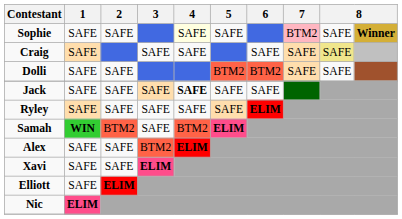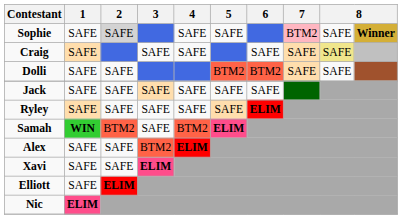 <table class="wikitable" border="2" style="text-align:center;font-size:96%">
 <tr>
 <th>Contestant</th>
 <th>1</th>
 <th>2</th>
 <th>3</th>
 <th>4</th>
 <th>5</th>
 <th>6</th>
 <th>7</th>
 <th colspan="2">8</th>
 </tr>
 <tr>
 <td><strong>Sophie</strong></td>
 <td>SAFE</td>
+<td style="background: lightgrey;">SAFE</td>
+<td style="background:royalblue;"><strong></strong></td>
 <td>SAFE</td>
-<td style="background:royalblue;"><strong></strong></td>
-<td style="background: lightyellow;">SAFE</td>
 <td>SAFE</td>
 <td style="background:royalblue;"><strong></strong></td>
 <td style="background:lightpink;">BTM2</td>
 <td>SAFE</td>
 <td style="background:#D4AF37;"><strong>Winner</strong></td>
 </tr>
 <tr>
 <td><strong>Craig</strong></td>
 <td style="background:navajowhite;">SAFE</td>
 <td style="background:royalblue;"><strong></strong></td>
 <td>SAFE</td>
 <td>SAFE</td>
 <td style="background:royalblue;"><strong></strong></td>
 <td>SAFE</td>
 <td style="background:navajowhite;">SAFE</td>
 <td style="background: khaki;">SAFE</td>
 <td style="background:silver;"><strong></strong></td>
 </tr>
 <tr>
 <td><strong>Dolli</strong></td>
 <td>SAFE</td>
 <td>SAFE</td>
 <td style="background:royalblue;"><strong></strong></td>
 <td style="background:royalblue;"><strong></strong></td>
 <td style="background:tomato;">BTM2</td>
 <td style="background:tomato;">BTM2</td>
 <td style="background:navajowhite;">SAFE</td>
 <td>SAFE</td>
 <td style="background:sienna;"></td>
 </tr>
 <tr>
 </tr>
 <tr>
 <td><strong>Jack</strong></td>
 <td>SAFE</td>
 <td>SAFE</td>
 <td style="background:navajowhite;">SAFE</td>
-<td><strong>SAFE</strong></td>
+<td>SAFE</td>
 <td>SAFE</td>
 <td>SAFE</td>
 <td style="background:darkgreen;"><strong></strong></td>
 <td bgcolor="darkgray" colspan="2"></td>
 </tr>
 <tr>
 <td><strong>Ryley</strong></td>
 <td style="background:navajowhite;">SAFE</td>
 <td>SAFE</td>
 <td>SAFE</td>
 <td>SAFE</td>
 <td style="background:navajowhite;">SAFE</td>
 <td style="background:red;"><strong>ELIM</strong></td>
 <td colspan="3"  style="background:darkgray;"></td>
 </tr>
 <tr>
 <td><strong>Samah</strong></td>
 <td style="background:limegreen;"><strong>WIN</strong></td>
 <td style="background:tomato;">BTM2</td>
 <td>SAFE</td>
 <td style="background:tomato;">BTM2</td>
 <td style="background: #ff4d8b;"><strong>ELIM</strong></td>
 <td colspan="5"  style="background:darkgray;"></td>
 </tr>
 <tr>
 <td><strong>Alex</strong></td>
 <td>SAFE</td>
 <td>SAFE</td>
 <td style="background:tomato;">BTM2</td>
 <td style="background:red;"><strong>ELIM </strong></td>
 <td colspan="6"  style="background:darkgray;"></td>
 </tr>
 <tr>
 <td><strong>Xavi</strong></td>
 <td>SAFE</td>
 <td>SAFE</td>
 <td style="background: #ff4d8b;"><strong>ELIM</strong></td>
 <td colspan="7"  style="background:darkgray;"></td>
 </tr>
 <tr>
 <td><strong>Elliott</strong></td>
 <td>SAFE</td>
 <td style="background:red;"><strong>ELIM </strong></td>
 <td colspan="8"  style="background:darkgray;"></td>
 </tr>
 <tr>
 <td><strong>Nic</strong></td>
 <td style="background: #ff4d8b;"><strong>ELIM</strong></td>
 <td colspan="9" style="background:darkgray;"></td>
 </tr>
 <tr>
 </tr>
 </table>
